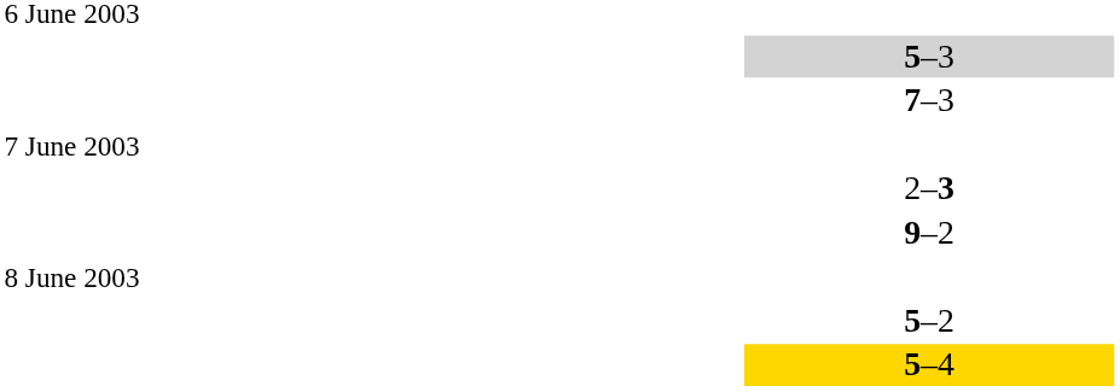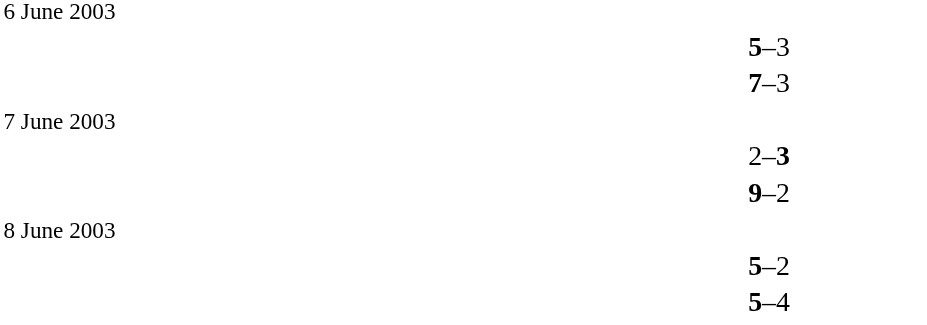 <table width=100% cellspacing=1>
 <tr>
 <th width=40%></th>
 <th width=20%></th>
 <th></th>
 </tr>
 <tr>
 <td><small>6 June 2003</small></td>
 </tr>
 <tr>
 <td align=right><strong></strong></td>
-<td align=center style="background: lightgrey;"><strong>5</strong>–3</td>
+<td align=center><strong>5</strong>–3</td>
 <td></td>
 </tr>
 <tr>
 <td align=right><strong></strong></td>
 <td align=center><strong>7</strong>–3</td>
 <td></td>
 </tr>
 <tr>
 <td><small>7 June 2003</small></td>
 </tr>
 <tr>
 <td align=right></td>
 <td align=center>2–<strong>3</strong> </td>
 <td><strong></strong></td>
 </tr>
 <tr>
 <td align=right><strong></strong></td>
 <td align=center><strong>9</strong>–2</td>
 <td></td>
 </tr>
 <tr>
 <td><small>8 June 2003</small></td>
 </tr>
 <tr>
 <td align=right><strong></strong></td>
 <td align=center><strong>5</strong>–2</td>
 <td></td>
 </tr>
 <tr>
 <td align=right><strong></strong></td>
-<td align=center style="background: gold;"><strong>5</strong>–4</td>
+<td align=center><strong>5</strong>–4</td>
 <td></td>
 </tr>
 </table>
